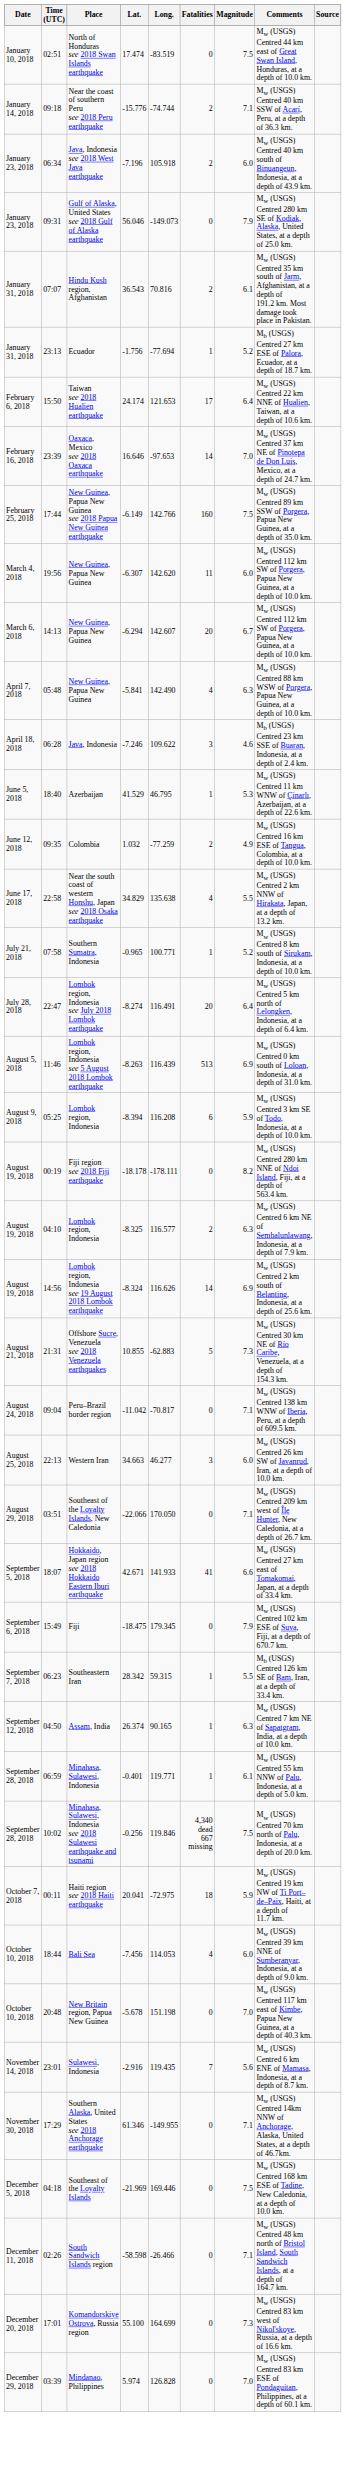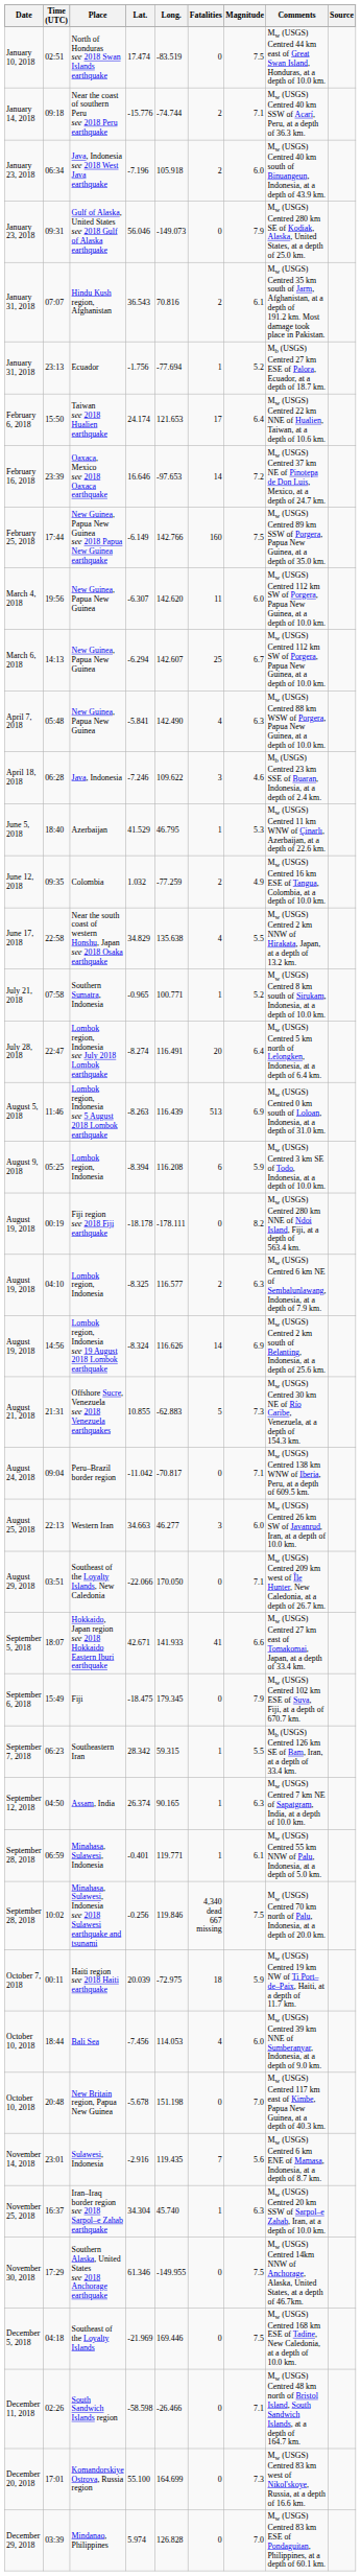 <table class="wikitable sortable">
 <tr style="background:black;">
 <th>Date</th>
 <th>Time (UTC)</th>
 <th>Place</th>
 <th>Lat.</th>
 <th>Long.</th>
 <th>Fatalities</th>
 <th>Magnitude</th>
 <th>Comments</th>
 <th>Source</th>
 </tr>
 <tr>
 <td>January 10, 2018</td>
 <td>02:51</td>
 <td> North of Honduras<br> <em>see</em> <a href='#'>2018 Swan Islands earthquake</a></td>
 <td>17.474</td>
 <td>-83.519</td>
 <td style="text-align:right;">0</td>
 <td style="text-align:right;">7.5</td>
 <td>M<sub>w</sub> (USGS) Centred 44 km east of <a href='#'>Great Swan Island</a>, Honduras, at a depth of 10.0 km.</td>
 <td style="text-align:right;"></td>
 </tr>
 <tr>
 <td>January 14, 2018</td>
 <td>09:18</td>
 <td> Near the coast of southern Peru<br> <em>see</em> <a href='#'>2018 Peru earthquake</a></td>
 <td>-15.776</td>
 <td>-74.744</td>
 <td style="text-align:right;">2</td>
 <td style="text-align:right;">7.1</td>
 <td>M<sub>w</sub> (USGS) Centred 40 km SSW of <a href='#'>Acarí</a>, Peru, at a depth of 36.3 km.</td>
 <td style="text-align:right;"></td>
 </tr>
 <tr>
 <td>January 23, 2018</td>
 <td>06:34</td>
 <td> <a href='#'>Java</a>, Indonesia<br> <em>see</em> <a href='#'>2018 West Java earthquake</a></td>
 <td>-7.196</td>
 <td>105.918</td>
 <td style="text-align:right;">2</td>
 <td style="text-align:right;">6.0</td>
 <td>M<sub>w</sub> (USGS) Centred 40 km south of <a href='#'>Binuangeun</a>, Indonesia, at a depth of 43.9 km.</td>
 <td style="text-align:right;"></td>
 </tr>
 <tr>
 <td>January 23, 2018</td>
 <td>09:31</td>
 <td> <a href='#'>Gulf of Alaska</a>, United States<br> <em>see</em> <a href='#'>2018 Gulf of Alaska earthquake</a></td>
 <td>56.046</td>
 <td>-149.073</td>
 <td style="text-align:right;">0</td>
 <td style="text-align:right;">7.9</td>
 <td>M<sub>w</sub> (USGS) Centred 280 km SE of <a href='#'>Kodiak</a>, <a href='#'>Alaska</a>, United States, at a depth of 25.0 km.</td>
 <td style="text-align:right;"></td>
 </tr>
 <tr>
 <td>January 31, 2018</td>
 <td>07:07</td>
 <td> <a href='#'>Hindu Kush</a> region, Afghanistan</td>
 <td>36.543</td>
 <td>70.816</td>
 <td style="text-align:right;">2</td>
 <td style="text-align:right;">6.1</td>
 <td>M<sub>w</sub> (USGS) Centred 35 km south of <a href='#'>Jarm</a>, Afghanistan, at a depth of 191.2 km. Most damage took place in Pakistan.</td>
 <td style="text-align:right;"></td>
 </tr>
 <tr>
 <td>January 31, 2018</td>
 <td>23:13</td>
 <td> Ecuador</td>
 <td>-1.756</td>
 <td>-77.694</td>
 <td style="text-align:right;">1</td>
 <td style="text-align:right;">5.2</td>
 <td>M<sub>b</sub> (USGS) Centred 27 km ESE of <a href='#'>Palora</a>, Ecuador, at a depth of 18.7 km.</td>
 <td style="text-align:right;"></td>
 </tr>
 <tr>
 <td>February 6, 2018</td>
 <td>15:50</td>
 <td> Taiwan<br> <em>see</em> <a href='#'>2018 Hualien earthquake</a></td>
 <td>24.174</td>
 <td>121.653</td>
 <td style="text-align:right;">17</td>
 <td style="text-align:right;">6.4</td>
 <td>M<sub>w</sub> (USGS) Centred 22 km NNE of <a href='#'>Hualien</a>, Taiwan, at a depth of 10.6 km.</td>
 <td style="text-align:right;"></td>
 </tr>
 <tr>
 <td>February 16, 2018</td>
 <td>23:39</td>
 <td> <a href='#'>Oaxaca</a>, Mexico<br> <em>see</em> <a href='#'>2018 Oaxaca earthquake</a></td>
 <td>16.646</td>
 <td>-97.653</td>
 <td style="text-align:right;">14</td>
-<td style="text-align:right;">7.0</td>
+<td style="text-align:right;">7.2</td>
 <td>M<sub>w</sub> (USGS) Centred 37 km NE of <a href='#'>Pinotepa de Don Luis</a>, Mexico, at a depth of 24.7 km.</td>
 <td style="text-align:right;"></td>
 </tr>
 <tr>
 <td>February 25, 2018</td>
 <td>17:44</td>
 <td> <a href='#'>New Guinea</a>, Papua New Guinea<br> <em>see</em> <a href='#'>2018 Papua New Guinea earthquake</a></td>
 <td>-6.149</td>
 <td>142.766</td>
 <td style="text-align:right;">160</td>
 <td style="text-align:right;">7.5</td>
 <td>M<sub>w</sub> (USGS) Centred 89 km SSW of <a href='#'>Porgera</a>, Papua New Guinea, at a depth of 35.0 km.</td>
 <td style="text-align:right;"></td>
 </tr>
 <tr>
 <td>March 4, 2018</td>
 <td>19:56</td>
 <td> <a href='#'>New Guinea</a>, Papua New Guinea</td>
 <td>-6.307</td>
 <td>142.620</td>
 <td style="text-align:right;">11</td>
 <td style="text-align:right;">6.0</td>
 <td>M<sub>w</sub> (USGS) Centred 112 km SW of <a href='#'>Porgera</a>, Papua New Guinea, at a depth of 10.0 km.</td>
 <td style="text-align:right;"></td>
 </tr>
 <tr>
 <td>March 6, 2018</td>
 <td>14:13</td>
 <td> <a href='#'>New Guinea</a>, Papua New Guinea</td>
 <td>-6.294</td>
 <td>142.607</td>
-<td style="text-align:right;">20</td>
+<td style="text-align:right;">25</td>
 <td style="text-align:right;">6.7</td>
 <td>M<sub>w</sub> (USGS) Centred 112 km SW of <a href='#'>Porgera</a>, Papua New Guinea, at a depth of 10.0 km.</td>
 <td style="text-align:right;"></td>
 </tr>
 <tr>
 <td>April 7, 2018</td>
 <td>05:48</td>
 <td> <a href='#'>New Guinea</a>, Papua New Guinea</td>
 <td>-5.841</td>
 <td>142.490</td>
 <td style="text-align:right;">4</td>
 <td style="text-align:right;">6.3</td>
 <td>M<sub>w</sub> (USGS) Centred 88 km WSW of <a href='#'>Porgera</a>, Papua New Guinea, at a depth of 10.0 km.</td>
 <td style="text-align:right;"></td>
 </tr>
 <tr>
 <td>April 18, 2018</td>
 <td>06:28</td>
 <td> <a href='#'>Java</a>, Indonesia</td>
 <td>-7.246</td>
 <td>109.622</td>
 <td style="text-align:right;">3</td>
 <td style="text-align:right;">4.6</td>
 <td>M<sub>b</sub> (USGS) Centred 23 km SSE of <a href='#'>Buaran</a>, Indonesia, at a depth of 2.4 km.</td>
 <td style="text-align:right;"></td>
 </tr>
 <tr>
 <td>June 5, 2018</td>
 <td>18:40</td>
 <td> Azerbaijan</td>
 <td>41.529</td>
 <td>46.795</td>
 <td style="text-align:right;">1</td>
 <td style="text-align:right;">5.3</td>
 <td>M<sub>w</sub> (USGS) Centred 11 km WNW of <a href='#'>Çinarlı</a>, Azerbaijan, at a depth of 22.6 km.</td>
 <td style="text-align:right;"></td>
 </tr>
 <tr>
 <td>June 12, 2018</td>
 <td>09:35</td>
 <td> Colombia</td>
 <td>1.032</td>
 <td>-77.259</td>
 <td style="text-align:right;">2</td>
 <td style="text-align:right;">4.9</td>
 <td>M<sub>w</sub> (USGS) Centred 16 km ESE of <a href='#'>Tangua</a>, Colombia, at a depth of 10.0 km.</td>
 <td style="text-align:right;"></td>
 </tr>
 <tr>
 <td>June 17, 2018</td>
 <td>22:58</td>
 <td> Near the south coast of western <a href='#'>Honshu</a>, Japan<br> <em>see</em> <a href='#'>2018 Osaka earthquake</a></td>
 <td>34.829</td>
 <td>135.638</td>
 <td style="text-align:right;">4</td>
 <td style="text-align:right;">5.5</td>
 <td>M<sub>w</sub> (USGS) Centred 2 km NNW of <a href='#'>Hirakata</a>, Japan, at a depth of 13.2 km.</td>
 <td style="text-align:right;"></td>
 </tr>
 <tr>
 <td>July 21, 2018</td>
 <td>07:58</td>
 <td> Southern <a href='#'>Sumatra</a>, Indonesia</td>
 <td>-0.965</td>
 <td>100.771</td>
 <td style="text-align:right;">1</td>
 <td style="text-align:right;">5.2</td>
 <td>M<sub>w</sub> (USGS) Centred 8 km south of <a href='#'>Sirukam</a>, Indonesia, at a depth of 10.0 km.</td>
 <td style="text-align:right;"></td>
 </tr>
 <tr>
 <td>July 28, 2018</td>
 <td>22:47</td>
 <td> <a href='#'>Lombok</a> region, Indonesia<br> <em>see</em> <a href='#'>July 2018 Lombok earthquake</a></td>
 <td>-8.274</td>
 <td>116.491</td>
 <td style="text-align:right;">20</td>
 <td style="text-align:right;">6.4</td>
 <td>M<sub>w</sub> (USGS) Centred 5 km north of <a href='#'>Lelongken</a>, Indonesia, at a depth of 6.4 km.</td>
 <td style="text-align:right;"></td>
 </tr>
 <tr>
 <td>August 5, 2018</td>
 <td>11:46</td>
 <td> <a href='#'>Lombok</a> region, Indonesia<br> <em>see</em> <a href='#'>5 August 2018 Lombok earthquake</a></td>
 <td>-8.263</td>
 <td>116.439</td>
 <td style="text-align:right;">513</td>
 <td style="text-align:right;">6.9</td>
 <td>M<sub>w</sub> (USGS) Centred 0 km south of <a href='#'>Loloan</a>, Indonesia, at a depth of 31.0 km.</td>
 <td style="text-align:right;"></td>
 </tr>
 <tr>
 <td>August 9, 2018</td>
 <td>05:25</td>
 <td> <a href='#'>Lombok</a> region, Indonesia</td>
 <td>-8.394</td>
 <td>116.208</td>
 <td style="text-align:right;">6</td>
 <td style="text-align:right;">5.9</td>
 <td>M<sub>w</sub> (USGS) Centred 3 km SE of <a href='#'>Todo</a>, Indonesia, at a depth of 10.0 km.</td>
 <td style="text-align:right;"></td>
 </tr>
 <tr>
 <td>August 19, 2018</td>
 <td>00:19</td>
 <td> Fiji region<br> <em>see</em> <a href='#'>2018 Fiji earthquake</a></td>
 <td>-18.178</td>
 <td>-178.111</td>
 <td style="text-align:right;">0</td>
 <td style="text-align:right;">8.2</td>
 <td>M<sub>w</sub> (USGS) Centred 280 km NNE of <a href='#'>Ndoi Island</a>, Fiji, at a depth of 563.4 km.</td>
 <td style="text-align:right;"></td>
 </tr>
 <tr>
 <td>August 19, 2018</td>
 <td>04:10</td>
 <td> <a href='#'>Lombok</a> region, Indonesia</td>
 <td>-8.325</td>
 <td>116.577</td>
 <td style="text-align:right;">2</td>
 <td style="text-align:right;">6.3</td>
 <td>M<sub>w</sub> (USGS) Centred 6 km NE of <a href='#'>Sembalunlawang</a>, Indonesia, at a depth of 7.9 km.</td>
 <td style="text-align:right;"></td>
 </tr>
 <tr>
 <td>August 19, 2018</td>
 <td>14:56</td>
 <td> <a href='#'>Lombok</a> region, Indonesia<br> <em>see</em> <a href='#'>19 August 2018 Lombok earthquake</a></td>
 <td>-8.324</td>
 <td>116.626</td>
 <td style="text-align:right;">14</td>
 <td style="text-align:right;">6.9</td>
 <td>M<sub>w</sub> (USGS) Centred 2 km south of <a href='#'>Belanting</a>, Indonesia, at a depth of 25.6 km.</td>
 <td style="text-align:right;"></td>
 </tr>
 <tr>
 <td>August 21, 2018</td>
 <td>21:31</td>
 <td> Offshore <a href='#'>Sucre</a>, Venezuela<br> <em>see</em> <a href='#'>2018 Venezuela earthquakes</a></td>
 <td>10.855</td>
 <td>-62.883</td>
 <td style="text-align:right;">5</td>
 <td style="text-align:right;">7.3</td>
 <td>M<sub>w</sub> (USGS) Centred 30 km NE of <a href='#'>Río Caribe</a>, Venezuela, at a depth of 154.3 km.</td>
 <td style="text-align:right;"></td>
 </tr>
 <tr>
 <td>August 24, 2018</td>
 <td>09:04</td>
 <td> Peru–Brazil border region</td>
 <td>-11.042</td>
 <td>-70.817</td>
 <td style="text-align:right;">0</td>
 <td style="text-align:right;">7.1</td>
 <td>M<sub>w</sub> (USGS) Centred 138 km WNW of <a href='#'>Iberia</a>, Peru, at a depth of 609.5 km.</td>
 <td style="text-align:right;"></td>
 </tr>
 <tr>
 <td>August 25, 2018</td>
 <td>22:13</td>
 <td> Western Iran</td>
 <td>34.663</td>
 <td>46.277</td>
 <td style="text-align:right;">3</td>
 <td style="text-align:right;">6.0</td>
 <td>M<sub>w</sub> (USGS) Centred 26 km SW of <a href='#'>Javanrud</a>, Iran, at a depth of 10.0 km.</td>
 <td style="text-align:right;"></td>
 </tr>
 <tr>
 <td>August 29, 2018</td>
 <td>03:51</td>
 <td> Southeast of the <a href='#'>Loyalty Islands</a>, New Caledonia</td>
 <td>-22.066</td>
 <td>170.050</td>
 <td style="text-align:right;">0</td>
 <td style="text-align:right;">7.1</td>
 <td>M<sub>w</sub> (USGS) Centred 209 km west of <a href='#'>Île Hunter</a>, New Caledonia, at a depth of 26.7 km.</td>
 <td style="text-align:right;"></td>
 </tr>
 <tr>
 <td>September 5, 2018</td>
 <td>18:07</td>
 <td> <a href='#'>Hokkaido</a>, Japan region<br> <em>see</em> <a href='#'>2018 Hokkaido Eastern Iburi earthquake</a></td>
 <td>42.671</td>
 <td>141.933</td>
 <td style="text-align:right;">41</td>
 <td style="text-align:right;">6.6</td>
 <td>M<sub>w</sub> (USGS) Centred 27 km east of <a href='#'>Tomakomai</a>, Japan, at a depth of 33.4 km.</td>
 <td style="text-align:right;"></td>
 </tr>
 <tr>
 <td>September 6, 2018</td>
 <td>15:49</td>
 <td> Fiji</td>
 <td>-18.475</td>
 <td>179.345</td>
 <td style="text-align:right;">0</td>
 <td style="text-align:right;">7.9</td>
 <td>M<sub>w</sub> (USGS) Centred 102 km ESE of <a href='#'>Suva</a>, Fiji, at a depth of 670.7 km.</td>
 <td style="text-align:right;"></td>
 </tr>
 <tr>
 <td>September 7, 2018</td>
 <td>06:23</td>
 <td> Southeastern Iran</td>
 <td>28.342</td>
 <td>59.315</td>
 <td style="text-align:right;">1</td>
 <td style="text-align:right;">5.5</td>
 <td>M<sub>b</sub> (USGS) Centred 126 km SE of <a href='#'>Bam</a>, Iran, at a depth of 33.4 km.</td>
 <td style="text-align:right;"></td>
 </tr>
 <tr>
 <td>September 12, 2018</td>
 <td>04:50</td>
 <td> <a href='#'>Assam</a>, India</td>
 <td>26.374</td>
 <td>90.165</td>
 <td style="text-align:right;">1</td>
 <td style="text-align:right;">6.3</td>
 <td>M<sub>w</sub> (USGS) Centred 7 km NE of <a href='#'>Sapatgram</a>, India, at a depth of 10.0 km.</td>
 <td style="text-align:right;"></td>
 </tr>
 <tr>
 <td>September 28, 2018</td>
 <td>06:59</td>
 <td> <a href='#'>Minahasa</a>, <a href='#'>Sulawesi</a>, Indonesia</td>
 <td>-0.401</td>
 <td>119.771</td>
 <td style="text-align:right;">1</td>
 <td style="text-align:right;">6.1</td>
 <td>M<sub>w</sub> (USGS) Centred 55 km NNW of <a href='#'>Palu</a>, Indonesia, at a depth of 5.0 km.</td>
 <td style="text-align:right;"></td>
 </tr>
 <tr>
 <td>September 28, 2018</td>
 <td>10:02</td>
 <td> <a href='#'>Minahasa</a>, <a href='#'>Sulawesi</a>, Indonesia<br> <em>see</em> <a href='#'>2018 Sulawesi earthquake and tsunami</a></td>
 <td>-0.256</td>
 <td>119.846</td>
 <td style="text-align:right;">4,340 dead<br> 667 missing</td>
 <td style="text-align:right;">7.5</td>
 <td>M<sub>w</sub> (USGS) Centred 70 km north of <a href='#'>Palu</a>, Indonesia, at a depth of 20.0 km.</td>
 <td style="text-align:right;"></td>
 </tr>
 <tr>
 <td>October 7, 2018</td>
 <td>00:11</td>
 <td> Haiti region<br> <em>see</em> <a href='#'>2018 Haiti earthquake</a></td>
-<td>20.041</td>
+<td>20.039</td>
 <td>-72.975</td>
 <td style="text-align:right;">18</td>
 <td style="text-align:right;">5.9</td>
 <td>M<sub>w</sub> (USGS) Centred 19 km NW of <a href='#'>Ti Port–de–Paix</a>, Haiti, at a depth of 11.7 km.</td>
 <td style="text-align:right;"></td>
 </tr>
 <tr>
 <td>October 10, 2018</td>
 <td>18:44</td>
 <td> <a href='#'>Bali Sea</a></td>
 <td>-7.456</td>
 <td>114.053</td>
 <td style="text-align:right;">4</td>
 <td style="text-align:right;">6.0</td>
 <td>M<sub>w</sub> (USGS) Centred 39 km NNE of <a href='#'>Sumberanyar</a>, Indonesia, at a depth of 9.0 km.</td>
 <td style="text-align:right;"></td>
 </tr>
 <tr>
 <td>October 10, 2018</td>
 <td>20:48</td>
 <td> <a href='#'>New Britain</a> region, Papua New Guinea</td>
 <td>-5.678</td>
 <td>151.198</td>
 <td style="text-align:right;">0</td>
 <td style="text-align:right;">7.0</td>
 <td>M<sub>w</sub> (USGS) Centred 117 km east of <a href='#'>Kimbe</a>, Papua New Guinea, at a depth of 40.3 km.</td>
 <td style="text-align:right;"></td>
 </tr>
 <tr>
 <td>November 14, 2018</td>
 <td>23:01</td>
 <td> <a href='#'>Sulawesi</a>, Indonesia</td>
 <td>-2.916</td>
 <td>119.435</td>
 <td style="text-align:right;">7</td>
 <td style="text-align:right;">5.6</td>
 <td>M<sub>w</sub> (USGS) Centred 6 km ENE of <a href='#'>Mamasa</a>, Indonesia, at a depth of 8.7 km.</td>
 <td style="text-align:right;"></td>
 </tr>
 <tr>
+<td>November 25, 2018</td>
+<td>16:37</td>
+<td> Iran–Iraq border region<br> <em>see</em> <a href='#'>2018 Sarpol–e Zahab earthquake</a></td>
+<td>34.304</td>
+<td>45.740</td>
+<td style="text-align:right;">1</td>
+<td style="text-align:right;">6.3</td>
+<td>M<sub>w</sub> (USGS) Centred 20 km SSW of <a href='#'>Sarpol–e Zahab</a>, Iran, at a depth of 10.0 km.</td>
+<td style="text-align:right;"></td>
+</tr>
+<tr>
 <td>November 30, 2018</td>
 <td>17:29</td>
 <td> Southern <a href='#'>Alaska</a>, United States<br> <em>see</em> <a href='#'>2018 Anchorage earthquake</a></td>
 <td>61.346</td>
 <td>-149.955</td>
 <td style="text-align:right;">0</td>
-<td style="text-align:right;">7.1</td>
+<td style="text-align:right;">7.5</td>
 <td>M<sub>w</sub> (USGS) Centred 14km NNW of <a href='#'>Anchorage</a>, Alaska, United States, at a depth of 46.7km.</td>
 <td style="text-align:right;"></td>
 </tr>
 <tr>
 <td>December 5, 2018</td>
 <td>04:18</td>
 <td> Southeast of the <a href='#'>Loyalty Islands</a></td>
 <td>-21.969</td>
 <td>169.446</td>
 <td style="text-align:right;">0</td>
 <td style="text-align:right;">7.5</td>
 <td>M<sub>w</sub> (USGS) Centred 168 km ESE of <a href='#'>Tadine</a>, New Caledonia, at a depth of 10.0 km.</td>
 <td style="text-align:right;"></td>
 </tr>
 <tr>
 <td>December 11, 2018</td>
 <td>02:26</td>
 <td> <a href='#'>South Sandwich Islands</a> region</td>
 <td>-58.598</td>
 <td>-26.466</td>
 <td style="text-align:right;">0</td>
 <td style="text-align:right;">7.1</td>
 <td>M<sub>w</sub> (USGS) Centred 48 km north of <a href='#'>Bristol Island</a>, <a href='#'>South Sandwich Islands</a>, at a depth of 164.7 km.</td>
 <td style="text-align:right;"></td>
 </tr>
 <tr>
 <td>December 20, 2018</td>
 <td>17:01</td>
 <td> <a href='#'>Komandorskiye Ostrova</a>, Russia region</td>
 <td>55.100</td>
 <td>164.699</td>
 <td style="text-align:right;">0</td>
 <td style="text-align:right;">7.3</td>
 <td>M<sub>w</sub> (USGS) Centred 83 km west of <a href='#'>Nikol'skoye</a>, Russia, at a depth of 16.6 km.</td>
 <td style="text-align:right;"></td>
 </tr>
 <tr>
 <td>December 29, 2018</td>
 <td>03:39</td>
 <td> <a href='#'>Mindanao</a>, Philippines</td>
 <td>5.974</td>
 <td>126.828</td>
 <td style="text-align:right;">0</td>
 <td style="text-align:right;">7.0</td>
 <td>M<sub>w</sub> (USGS) Centred 83 km ESE of <a href='#'>Pondaguitan</a>, Philippines, at a depth of 60.1 km.</td>
 <td style="text-align:right;"></td>
 </tr>
 </table>
